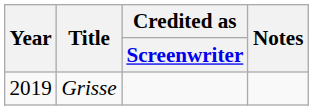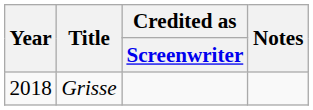 <table class="wikitable plainrowheaders sortable">
 <tr>
 <th rowspan="2" scope="col">Year</th>
 <th rowspan="2" scope="col">Title</th>
 <th colspan="1" scope="col">Credited as</th>
 <th rowspan="2" scope="col" class="unsortable">Notes</th>
 </tr>
 <tr>
 <th><a href='#'>Screenwriter</a></th>
 </tr>
 <tr>
-<td>2019</td>
+<td>2018</td>
 <td><em>Grisse</em></td>
 <td></td>
 <td></td>
 </tr>
 </table>
